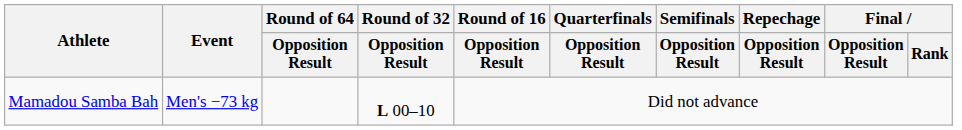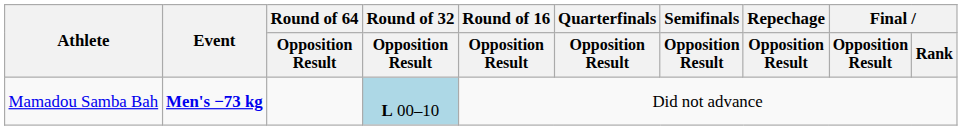 <table class="wikitable" style="font-size:90%">
 <tr>
 <th rowspan="2">Athlete</th>
 <th rowspan="2">Event</th>
 <th>Round of 64</th>
 <th>Round of 32</th>
 <th>Round of 16</th>
 <th>Quarterfinals</th>
 <th>Semifinals</th>
 <th>Repechage</th>
 <th colspan=2>Final / </th>
 </tr>
 <tr style="font-size:95%">
 <th>Opposition<br>Result</th>
 <th>Opposition<br>Result</th>
 <th>Opposition<br>Result</th>
 <th>Opposition<br>Result</th>
 <th>Opposition<br>Result</th>
 <th>Opposition<br>Result</th>
 <th>Opposition<br>Result</th>
 <th>Rank</th>
 </tr>
 <tr align=center>
 <td align=left><a href='#'>Mamadou Samba Bah</a></td>
-<td align=left><a href='#'>Men's −73 kg</a></td>
+<td align=left><strong><a href='#'>Men's −73 kg</a></strong></td>
 <td></td>
-<td><br><strong>L</strong> 00–10</td>
+<td style="background: lightblue;"><br><strong>L</strong> 00–10</td>
 <td colspan=6>Did not advance</td>
 </tr>
 </table>
